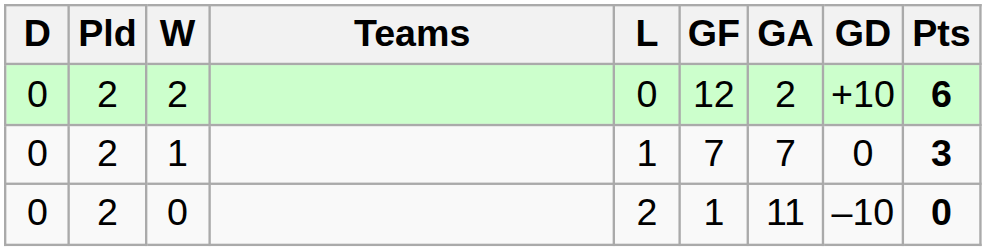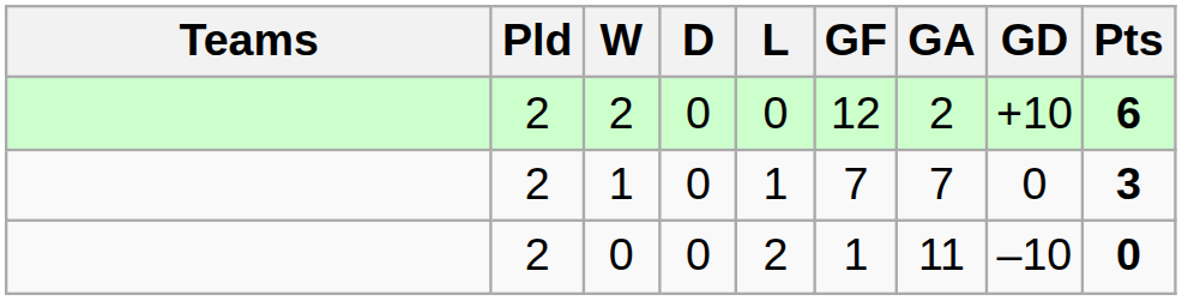 <table class="wikitable" style="text-align: center;">
 <tr>
-<th width=20>D</th>
+<th width=165>Teams</th>
 <th width=20>Pld</th>
 <th width=20>W</th>
-<th width=165>Teams</th>
+<th width=20>D</th>
 <th width=20>L</th>
 <th width=20>GF</th>
 <th width=20>GA</th>
 <th width=20>GD</th>
 <th width=20>Pts</th>
 </tr>
 <tr align=center style="background:#ccffcc;">
-<td>0</td>
+<td style="text-align:left;"></td>
 <td>2</td>
 <td>2</td>
-<td style="text-align:left;"></td>
+<td>0</td>
 <td>0</td>
 <td>12</td>
 <td>2</td>
 <td>+10</td>
 <td><strong>6</strong></td>
 </tr>
 <tr align=center>
-<td>0</td>
+<td style="text-align:left;"></td>
 <td>2</td>
 <td>1</td>
-<td style="text-align:left;"></td>
+<td>0</td>
 <td>1</td>
 <td>7</td>
 <td>7</td>
 <td>0</td>
 <td><strong>3</strong></td>
 </tr>
 <tr align=center>
-<td>0</td>
+<td style="text-align:left;"></td>
 <td>2</td>
 <td>0</td>
-<td style="text-align:left;"></td>
+<td>0</td>
 <td>2</td>
 <td>1</td>
 <td>11</td>
 <td>–10</td>
 <td><strong>0</strong></td>
 </tr>
 </table>
